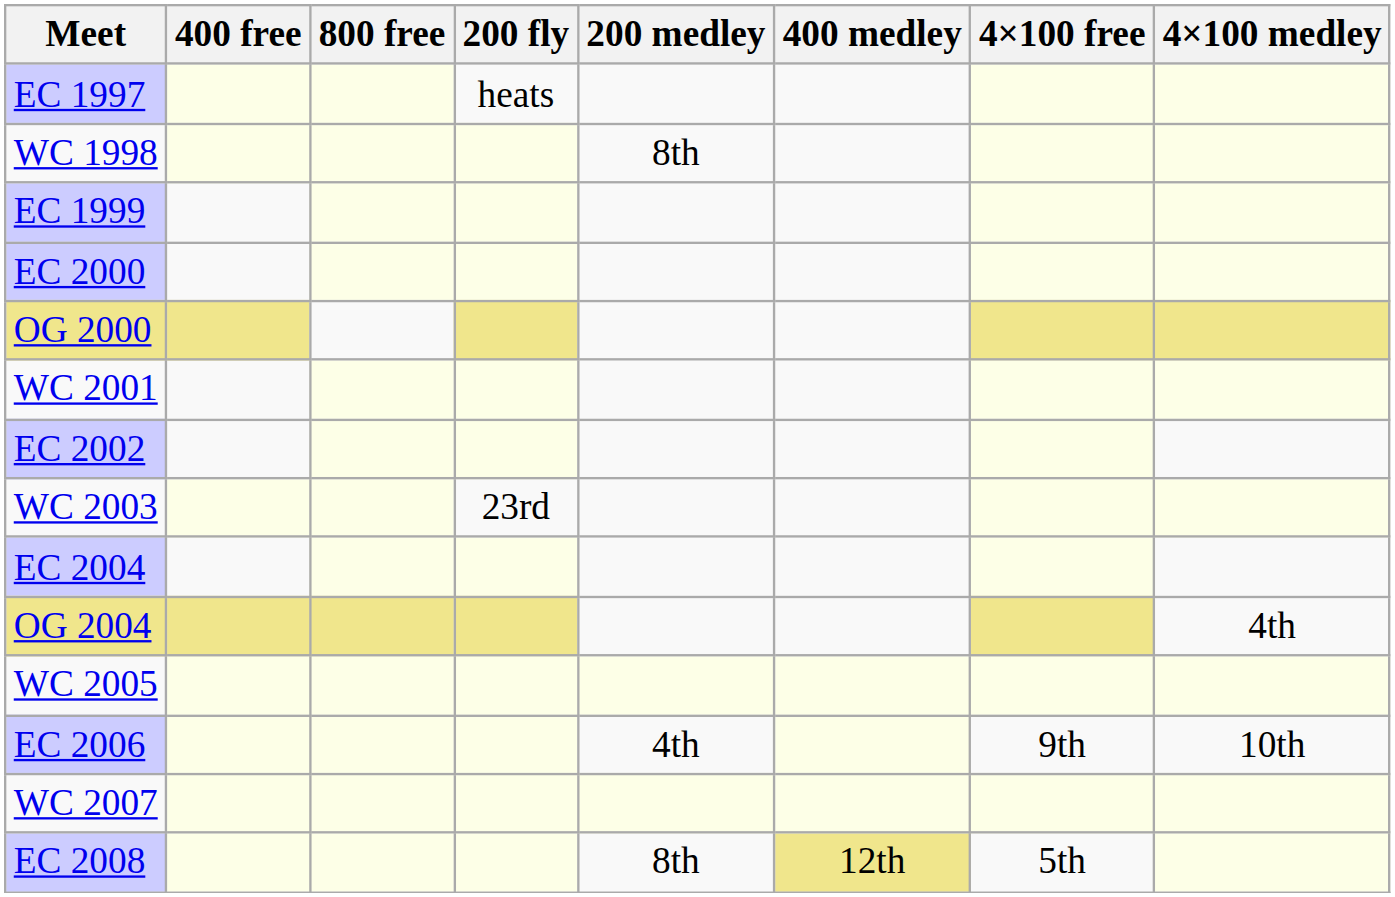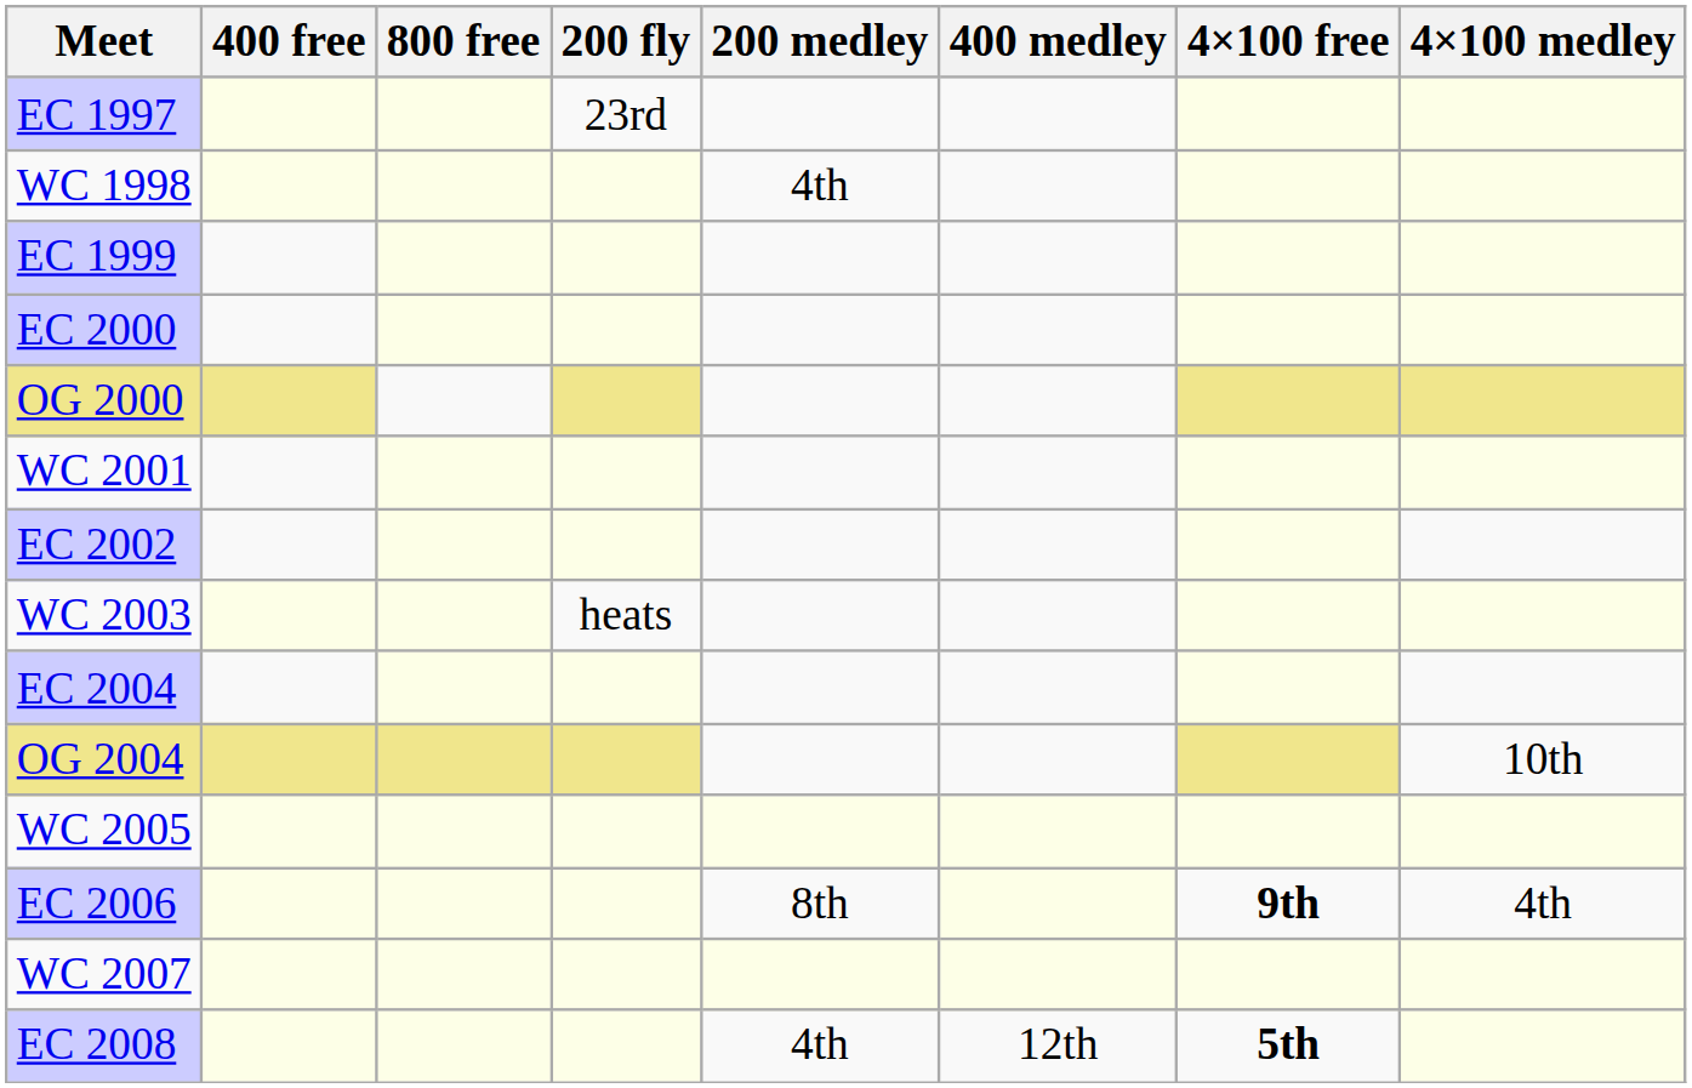 <table class="sortable wikitable">
 <tr>
 <th>Meet</th>
 <th class=unsortable>400 free</th>
 <th class=unsortable>800 free</th>
 <th class=unsortable>200 fly</th>
 <th class=unsortable>200 medley</th>
 <th class=unsortable>400 medley</th>
 <th class=unsortable>4×100 free</th>
 <th class=unsortable>4×100 medley</th>
 </tr>
 <tr>
 <td style="background:#ccccff"><a href='#'>EC 1997</a></td>
 <td style="background:#fdffe7"></td>
 <td style="background:#fdffe7"></td>
-<td align="center">heats</td>
+<td align=center>23rd</td>
 <td align=center></td>
 <td align=center></td>
 <td style="background:#fdffe7"></td>
 <td style="background:#fdffe7"></td>
 </tr>
 <tr>
 <td><a href='#'>WC 1998</a></td>
 <td style="background:#fdffe7"></td>
 <td style="background:#fdffe7"></td>
 <td style="background:#fdffe7"></td>
-<td align=center>8th</td>
+<td align=center>4th</td>
 <td align="center"></td>
 <td style="background:#fdffe7"></td>
 <td style="background:#fdffe7"></td>
 </tr>
 <tr>
 <td style="background:#ccccff"><a href='#'>EC 1999</a></td>
 <td align="center"></td>
 <td style="background:#fdffe7"></td>
 <td style="background:#fdffe7"></td>
 <td align=center></td>
 <td align=center></td>
 <td style="background:#fdffe7"></td>
 <td style="background:#fdffe7"></td>
 </tr>
 <tr>
 <td style="background:#ccccff"><a href='#'>EC 2000</a></td>
 <td align="center"></td>
 <td style="background:#fdffe7"></td>
 <td style="background:#fdffe7"></td>
 <td align=center></td>
 <td align="center"></td>
 <td style="background:#fdffe7"></td>
 <td style="background:#fdffe7"></td>
 </tr>
 <tr>
 <td style="background:#f0e68c"><a href='#'>OG 2000</a></td>
 <td style="background:#f0e68c"></td>
 <td align="center"></td>
 <td style="background:#f0e68c"></td>
 <td align=center></td>
 <td align=center></td>
 <td style="background:#f0e68c"></td>
 <td style="background:#f0e68c"></td>
 </tr>
 <tr>
 <td><a href='#'>WC 2001</a></td>
 <td align="center"></td>
 <td style="background:#fdffe7"></td>
 <td style="background:#fdffe7"></td>
 <td align=center></td>
 <td align=center></td>
 <td style="background:#fdffe7"></td>
 <td style="background:#fdffe7"></td>
 </tr>
 <tr>
 <td style="background:#ccccff"><a href='#'>EC 2002</a></td>
 <td align=center></td>
 <td style="background:#fdffe7"></td>
 <td style="background:#fdffe7"></td>
 <td align="center"></td>
 <td align=center></td>
 <td style="background:#fdffe7"></td>
 <td align="center"></td>
 </tr>
 <tr>
 <td><a href='#'>WC 2003</a></td>
 <td style="background:#fdffe7"></td>
 <td style="background:#fdffe7"></td>
-<td align=center>23rd</td>
+<td align="center">heats</td>
 <td align="center"></td>
 <td align="center"></td>
 <td style="background:#fdffe7"></td>
 <td style="background:#fdffe7"></td>
 </tr>
 <tr>
 <td style="background:#ccccff"><a href='#'>EC 2004</a></td>
 <td align="center"></td>
 <td style="background:#fdffe7"></td>
 <td style="background:#fdffe7"></td>
 <td align=center></td>
 <td align=center></td>
 <td style="background:#fdffe7"></td>
 <td align=center></td>
 </tr>
 <tr>
 <td style="background:#f0e68c"><a href='#'>OG 2004</a></td>
 <td style="background:#f0e68c"></td>
 <td style="background:#f0e68c"></td>
 <td style="background:#f0e68c"></td>
 <td align=center></td>
 <td align=center></td>
 <td style="background:#f0e68c"></td>
-<td align=center>4th</td>
+<td align=center>10th</td>
 </tr>
 <tr>
 <td><a href='#'>WC 2005</a></td>
 <td style="background:#fdffe7"></td>
 <td style="background:#fdffe7"></td>
 <td style="background:#fdffe7"></td>
 <td style="background:#fdffe7"></td>
 <td style="background:#fdffe7"></td>
 <td style="background:#fdffe7"></td>
 <td style="background:#fdffe7"></td>
 </tr>
 <tr>
 <td style="background:#ccccff"><a href='#'>EC 2006</a></td>
 <td style="background:#fdffe7"></td>
 <td style="background:#fdffe7"></td>
 <td style="background:#fdffe7"></td>
-<td align="center">4th</td>
+<td align=center>8th</td>
 <td style="background:#fdffe7"></td>
-<td align="center">9th</td>
-<td align=center>10th</td>
+<td align="center"><strong>9th</strong></td>
+<td align=center>4th</td>
 </tr>
 <tr>
 <td><a href='#'>WC 2007</a></td>
 <td style="background:#fdffe7"></td>
 <td style="background:#fdffe7"></td>
 <td style="background:#fdffe7"></td>
 <td style="background:#fdffe7"></td>
 <td style="background:#fdffe7"></td>
 <td style="background:#fdffe7"></td>
 <td style="background:#fdffe7"></td>
 </tr>
 <tr>
 <td style="background:#ccccff"><a href='#'>EC 2008</a></td>
 <td style="background:#fdffe7"></td>
 <td style="background:#fdffe7"></td>
 <td style="background:#fdffe7"></td>
-<td align=center>8th</td>
-<td align=center style="background: khaki;">12th</td>
-<td align="center">5th</td>
+<td align="center">4th</td>
+<td align=center>12th</td>
+<td align="center"><strong>5th</strong></td>
 <td style="background:#fdffe7"></td>
 </tr>
 <tr>
 </tr>
 </table>
